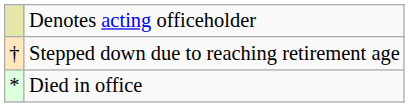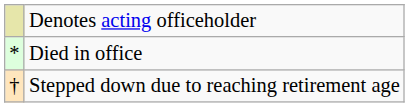 <table class="wikitable">
 <tr>
 <td style="background-color:#E6E6AA"></td>
 <td>Denotes <a href='#'>acting</a> officeholder</td>
 </tr>
 <tr>
+<td style="background-color:#ddffdd">*</td>
+<td>Died in office</td>
+</tr>
+<tr>
 <td style="background-color:#FFE6BD">†</td>
 <td>Stepped down due to reaching retirement age</td>
 </tr>
-<tr>
-<td style="background-color:#ddffdd">*</td>
-<td>Died in office</td>
-</tr>
 </table>
